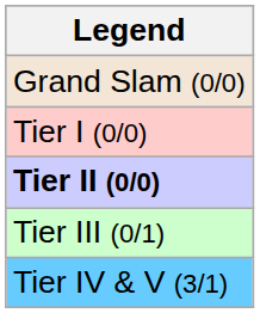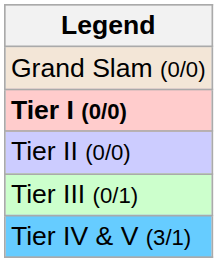 <table class="wikitable">
 <tr>
 <th>Legend</th>
 </tr>
 <tr bgcolor="#f3e6d7">
 <td>Grand Slam <small>(0/0)</small></td>
 </tr>
 <tr bgcolor="#FFCCCC">
-<td>Tier I <small>(0/0)</small></td>
+<td><strong>Tier I <small>(0/0)</small></strong></td>
 </tr>
 <tr bgcolor="#CCCCFF">
-<td><strong>Tier II <small>(0/0)</small></strong></td>
+<td>Tier II <small>(0/0)</small></td>
 </tr>
 <tr bgcolor="#CCFFCC">
 <td>Tier III <small>(0/1)</small></td>
 </tr>
 <tr bgcolor="#66CCFF">
 <td>Tier IV & V <small>(3/1)</small></td>
 </tr>
 </table>
